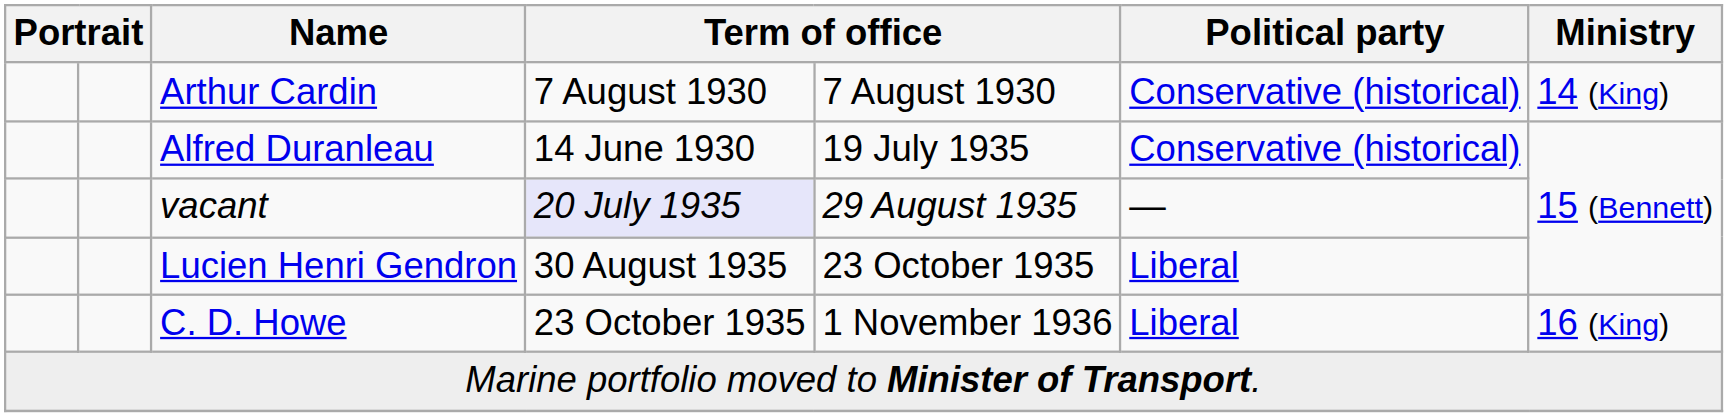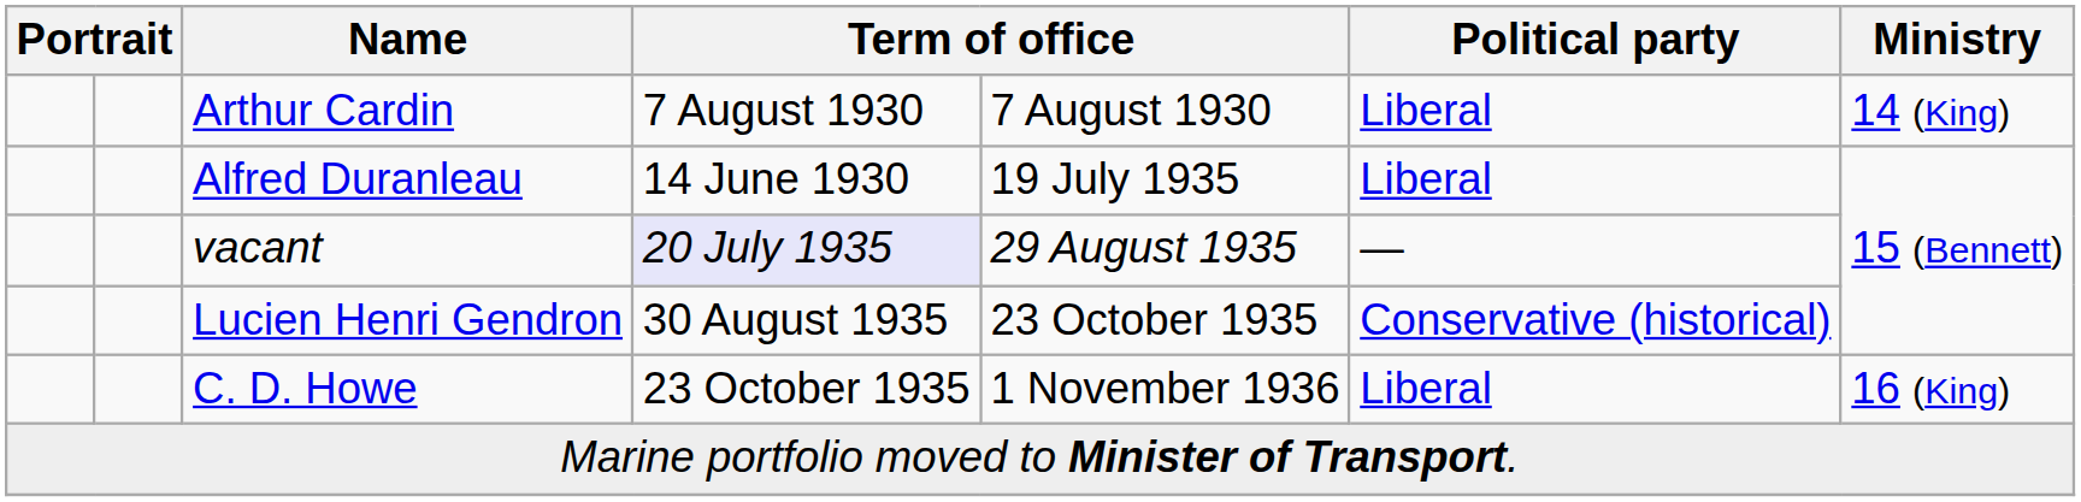 <table class="wikitable">
 <tr>
 <th colspan=2>Portrait</th>
 <th>Name</th>
 <th colspan=2>Term of office</th>
 <th>Political party</th>
 <th>Ministry</th>
 </tr>
 <tr>
 <td style="background:"></td>
 <td align=center></td>
 <td><a href='#'>Arthur Cardin</a></td>
 <td>7 August 1930</td>
 <td>7 August 1930</td>
-<td><a href='#'>Conservative (historical)</a></td>
+<td><a href='#'>Liberal</a></td>
 <td><a href='#'>14</a> <small>(<a href='#'>King</a>)</small></td>
 </tr>
 <tr>
 <td style="background:"></td>
 <td align=center></td>
 <td><a href='#'>Alfred Duranleau</a></td>
 <td>14 June 1930</td>
 <td>19 July 1935</td>
-<td><a href='#'>Conservative (historical)</a></td>
+<td><a href='#'>Liberal</a></td>
 <td rowspan=3><a href='#'>15</a> <small>(<a href='#'>Bennett</a>)</small></td>
 </tr>
 <tr>
 <td></td>
 <td></td>
 <td><em>vacant</em></td>
 <td style="background: lavender;"><em>20 July 1935</em></td>
 <td><em>29 August 1935</em></td>
 <td>—</td>
 </tr>
 <tr>
 <td style="background:"></td>
 <td align=center></td>
 <td><a href='#'>Lucien Henri Gendron</a></td>
 <td>30 August 1935</td>
 <td>23 October 1935</td>
-<td><a href='#'>Liberal</a></td>
+<td><a href='#'>Conservative (historical)</a></td>
 </tr>
 <tr>
 <td style="background:"></td>
 <td align=center></td>
 <td><a href='#'>C. D. Howe</a></td>
 <td>23 October 1935</td>
 <td>1 November 1936</td>
 <td><a href='#'>Liberal</a></td>
 <td><a href='#'>16</a> <small>(<a href='#'>King</a>)</small></td>
 </tr>
 <tr>
 <td colspan=7 align=center style="background:#eeeeee"><em>Marine portfolio moved to <strong>Minister of Transport</strong>.</em></td>
 </tr>
 <tr>
 </tr>
 </table>
